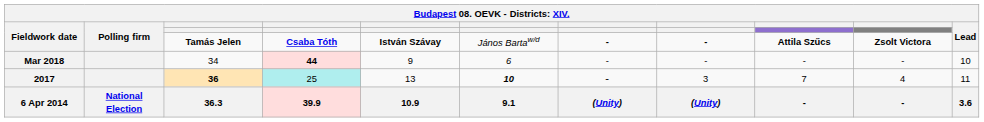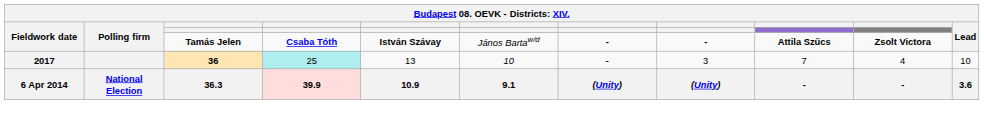 <table class="wikitable mw-collapsible mw-collapsed" style="text-align:center">
 <tr>
 <th colspan="11" style="width: 980pt;"><small><a href='#'>Budapest</a> 08. OEVK -</small> <small>Districts: <a href='#'>XIV.</a></small></th>
 </tr>
 <tr>
 <th rowspan="3" style="width: 80pt;"><small>Fieldwork</small> <small>date</small></th>
 <th rowspan="3" style="width: 80pt;"><strong><small>Polling</small> <small>firm</small></strong></th>
 <th style="width: 100pt;"><small></small></th>
 <th style="width: 100pt;"><small> </small></th>
 <th style="width: 100pt;"></th>
 <th style="width: 100pt;"></th>
 <th style="width: 100pt;"></th>
 <th style="width: 100pt;"></th>
 <th style="width: 100pt;"></th>
 <th style="width: 100pt;"></th>
 <th rowspan="3" style="width: 20pt;"><small>Lead</small></th>
 </tr>
 <tr>
 <th style="color:inherit;background:"></th>
 <th style="color:inherit;background:"></th>
 <th style="color:inherit;background:"></th>
 <th style="color:inherit;background:"></th>
 <th style="color:inherit;background:"></th>
 <th style="color:inherit;background:"></th>
 <th style="color:inherit;background:#8E6FCE;"></th>
 <th style="color:inherit;background:#808080;"></th>
 </tr>
 <tr>
 <td><small><strong>Tamás Jelen</strong></small></td>
 <td><a href='#'><small><strong>Csaba Tóth</strong></small></a></td>
 <td><small><strong>István Szávay</strong></small></td>
 <td><small><em>János Barta<sup>w/d</sup></em></small></td>
 <td><small><strong>-</strong></small></td>
 <td><small><strong>-</strong></small></td>
 <td><small><strong>Attila Szűcs</strong></small></td>
 <td><small><strong>Zsolt Victora</strong></small></td>
 </tr>
 <tr>
-<th><small>Mar 2018</small></th>
-<th><small></small></th>
-<td><small>34</small></td>
-<td style="background:#FFDDDD"><small><strong>44</strong></small></td>
-<td><small>9</small></td>
-<td><small><em>6</em></small></td>
-<td><small>-</small></td>
-<td><small>-</small></td>
-<td><small>-</small></td>
-<td><small>-</small></td>
-<td style="background:"><small>10</small></td>
-</tr>
-<tr>
 <th><small>2017</small></th>
 <th><small></small></th>
 <td style="background:#FFE5B4"><small><strong>36</strong></small></td>
 <td style="background: paleturquoise;"><small>25</small></td>
 <td><small>13</small></td>
-<td><strong><small><em>10</em></small></strong></td>
+<td><small><em>10</em></small></td>
 <td>-</td>
 <td><small>3</small></td>
 <td><small>7</small></td>
 <td><small>4</small></td>
-<td style="background:"><small>11</small></td>
+<td style="background:"><small>10</small></td>
 </tr>
 <tr>
 <th><small>6 Apr 2014</small></th>
 <th><a href='#'><small>National Election</small></a></th>
 <th><small>36.3</small></th>
 <th style="background:#FFDDDD"><small>39.9</small></th>
 <th><small>10.9</small></th>
 <th><small>9.1</small></th>
 <th><small><em>(<a href='#'>Unity</a>)</em></small></th>
 <th><small><em>(<a href='#'>Unity</a>)</em></small></th>
 <th><small>-</small></th>
 <th><small>-</small></th>
 <th style="background:"><small>3.6</small></th>
 </tr>
 </table>
